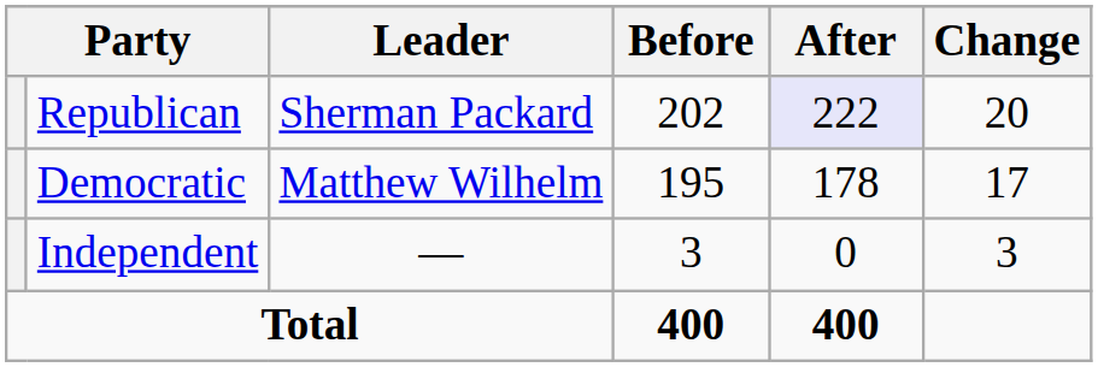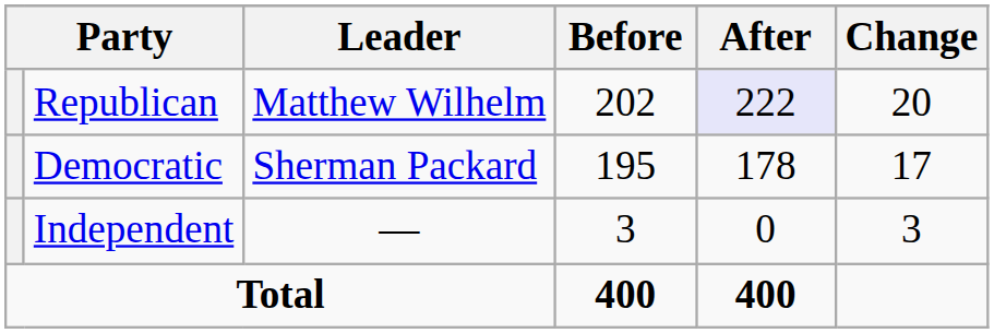 <table class="wikitable" style="text-align:center;">
 <tr>
 </tr>
 <tr>
 <th colspan="2">Party</th>
 <th>Leader</th>
 <th style="width:3em">Before</th>
 <th style="width:3em">After</th>
 <th style="width:3em">Change</th>
 </tr>
 <tr>
 <th style="background-color:"></th>
 <td style="text-align:left;"><a href='#'>Republican</a></td>
-<td style="text-align:left;"><a href='#'>Sherman Packard</a></td>
+<td style="text-align:left;"><a href='#'>Matthew Wilhelm</a></td>
 <td>202</td>
 <td style="background: lavender;">222</td>
 <td> 20</td>
 </tr>
 <tr>
 <th style="background-color:"></th>
 <td style="text-align:left;"><a href='#'>Democratic</a></td>
-<td style="text-align:left;"><a href='#'>Matthew Wilhelm</a></td>
+<td style="text-align:left;"><a href='#'>Sherman Packard</a></td>
 <td>195</td>
 <td>178</td>
 <td> 17</td>
 </tr>
 <tr>
 <th style="background-color:"></th>
 <td style="text-align:left;"><a href='#'>Independent</a></td>
 <td>—</td>
 <td>3</td>
 <td>0</td>
 <td> 3</td>
 </tr>
 <tr>
 <td colspan="3"><strong>Total</strong></td>
 <td><strong>400</strong></td>
 <td><strong>400</strong></td>
 <td></td>
 </tr>
 </table>
